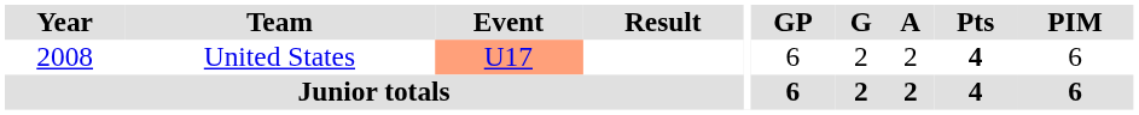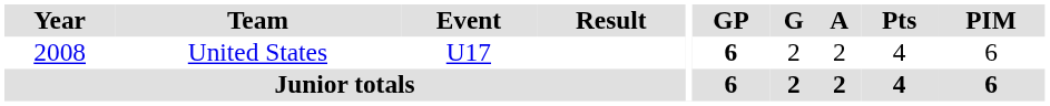 <table border="0" cellpadding="1" cellspacing="0" ID="Table3" style="text-align:center; width:40em">
 <tr ALIGN="center" bgcolor="#e0e0e0">
 <th>Year</th>
 <th>Team</th>
 <th>Event</th>
 <th>Result</th>
 <th rowspan="99" bgcolor="#ffffff"></th>
 <th>GP</th>
 <th>G</th>
 <th>A</th>
 <th>Pts</th>
 <th>PIM</th>
 </tr>
 <tr>
 <td><a href='#'>2008</a></td>
 <td><a href='#'>United States</a></td>
-<td style="background: lightsalmon;"><a href='#'>U17</a></td>
+<td><a href='#'>U17</a></td>
 <td></td>
-<td>6</td>
+<td><strong>6</strong></td>
 <td>2</td>
 <td>2</td>
-<td><strong>4</strong></td>
+<td>4</td>
 <td>6</td>
 </tr>
 <tr bgcolor="#e0e0e0">
 <th colspan="4">Junior totals</th>
 <th>6</th>
 <th>2</th>
 <th>2</th>
 <th>4</th>
 <th>6</th>
 </tr>
 </table>
